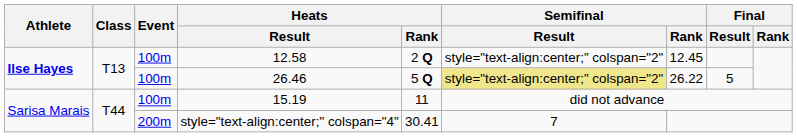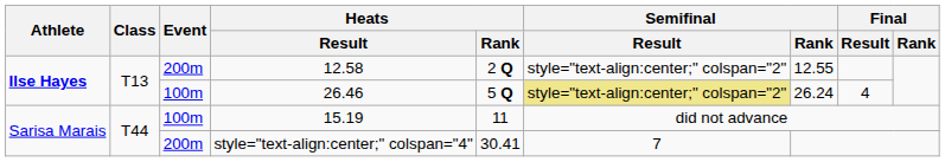 <table class=wikitable style="font-size:90%">
 <tr>
 <th rowspan="2">Athlete</th>
 <th rowspan="2">Class</th>
 <th rowspan="2">Event</th>
 <th colspan="2">Heats</th>
 <th colspan="2">Semifinal</th>
 <th colspan="2">Final</th>
 </tr>
 <tr>
 <th>Result</th>
 <th>Rank</th>
 <th>Result</th>
 <th>Rank</th>
 <th>Result</th>
 <th>Rank</th>
 </tr>
 <tr>
 <td rowspan="2"><strong><a href='#'>Ilse Hayes</a></strong></td>
 <td rowspan="2" style="text-align:center;">T13</td>
-<td><a href='#'>100m</a></td>
+<td><a href='#'>200m</a></td>
 <td style="text-align:center;">12.58</td>
 <td style="text-align:center;">2 <strong>Q</strong></td>
 <td>style="text-align:center;" colspan="2" </td>
-<td style="text-align:center;">12.45</td>
+<td style="text-align:center;">12.55</td>
 <td style="text-align:center;"></td>
 </tr>
 <tr>
 <td><a href='#'>100m</a></td>
 <td style="text-align:center;">26.46</td>
 <td style="text-align:center;">5 <strong>Q</strong></td>
 <td style="background: khaki;">style="text-align:center;" colspan="2" </td>
-<td style="text-align:center;">26.22</td>
-<td style="text-align:center;">5</td>
+<td style="text-align:center;">26.24</td>
+<td style="text-align:center;">4</td>
 </tr>
 <tr>
 <td rowspan="2"><a href='#'>Sarisa Marais</a></td>
 <td rowspan="2" style="text-align:center;">T44</td>
 <td><a href='#'>100m</a></td>
 <td style="text-align:center;">15.19</td>
 <td style="text-align:center;">11</td>
 <td style="text-align:center;" colspan="4">did not advance</td>
 </tr>
 <tr>
 <td><a href='#'>200m</a></td>
 <td>style="text-align:center;" colspan="4" </td>
 <td style="text-align:center;">30.41</td>
 <td style="text-align:center;">7</td>
 </tr>
 </table>
